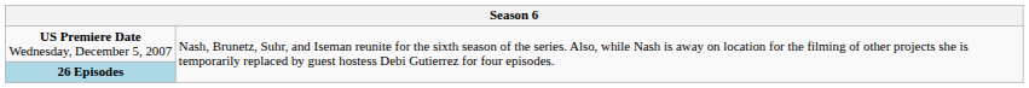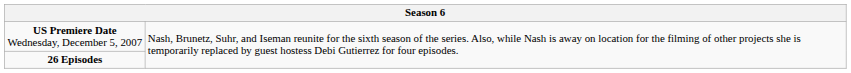 <table class="wikitable" style="width:98%;">
 <tr>
 <th colspan="2">Season 6</th>
 </tr>
 <tr>
 <td style="width:200px; text-align:center;"><strong>US Premiere Date</strong><br>Wednesday, December 5, 2007</td>
 <td rowspan="2">Nash, Brunetz, Suhr, and Iseman reunite for the sixth season of the series. Also, while Nash is away on location for the filming of other projects she is temporarily replaced by guest hostess Debi Gutierrez for four episodes.</td>
 </tr>
 <tr>
-<td style="background: lightblue; text-align:center;"><strong>26 Episodes</strong></td>
+<td style="text-align:center;"><strong>26 Episodes</strong></td>
 </tr>
 </table>
